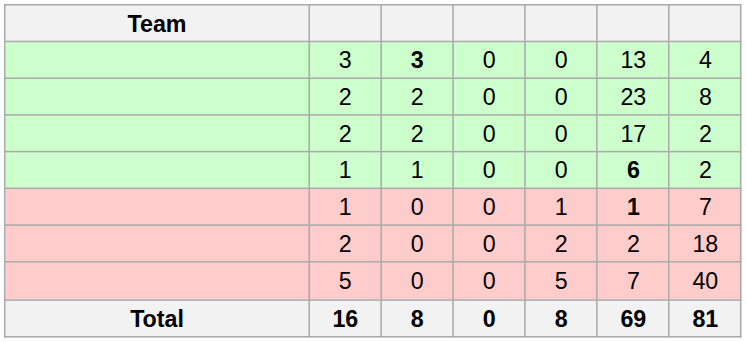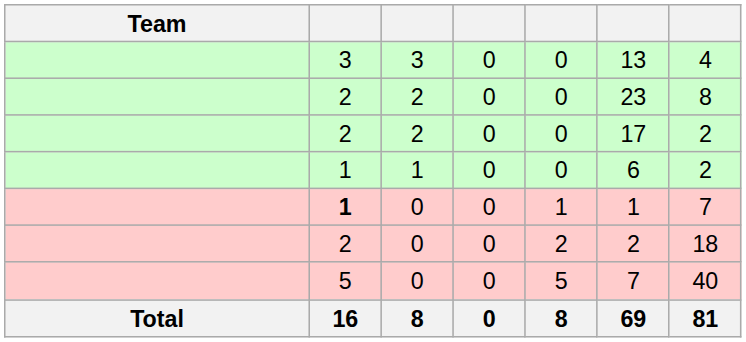 <table class="wikitable" style="font-size:95%; text-align:center">
 <tr>
 <th width=192>Team</th>
 <th width=40></th>
 <th width=40></th>
 <th width=40></th>
 <th width=40></th>
 <th width=40></th>
 <th width=40></th>
 </tr>
 <tr style="background:#ccffcc;">
 <td style="text-align:left;"></td>
 <td>3</td>
-<td><strong>3</strong></td>
+<td>3</td>
 <td>0</td>
 <td>0</td>
 <td>13</td>
 <td>4</td>
 </tr>
 <tr style="background:#ccffcc;">
 <td style="text-align:left;"></td>
 <td>2</td>
 <td>2</td>
 <td>0</td>
 <td>0</td>
 <td>23</td>
 <td>8</td>
 </tr>
 <tr style="background:#ccffcc;">
 <td style="text-align:left;"></td>
 <td>2</td>
 <td>2</td>
 <td>0</td>
 <td>0</td>
 <td>17</td>
 <td>2</td>
 </tr>
 <tr style="background:#ccffcc;">
 <td style="text-align:left;"></td>
 <td>1</td>
 <td>1</td>
 <td>0</td>
 <td>0</td>
-<td><strong>6</strong></td>
+<td>6</td>
 <td>2</td>
 </tr>
 <tr style="background:#ffcccc;">
 <td style="text-align:left;"></td>
-<td>1</td>
+<td><strong>1</strong></td>
 <td>0</td>
 <td>0</td>
 <td>1</td>
-<td><strong>1</strong></td>
+<td>1</td>
 <td>7</td>
 </tr>
 <tr style="background:#ffcccc;">
 <td style="text-align:left;"></td>
 <td>2</td>
 <td>0</td>
 <td>0</td>
 <td>2</td>
 <td>2</td>
 <td>18</td>
 </tr>
 <tr style="background:#ffcccc;">
 <td style="text-align:left;"></td>
 <td>5</td>
 <td>0</td>
 <td>0</td>
 <td>5</td>
 <td>7</td>
 <td>40</td>
 </tr>
 <tr>
 <th>Total</th>
 <th>16</th>
 <th>8</th>
 <th>0</th>
 <th>8</th>
 <th>69</th>
 <th>81</th>
 </tr>
 </table>
